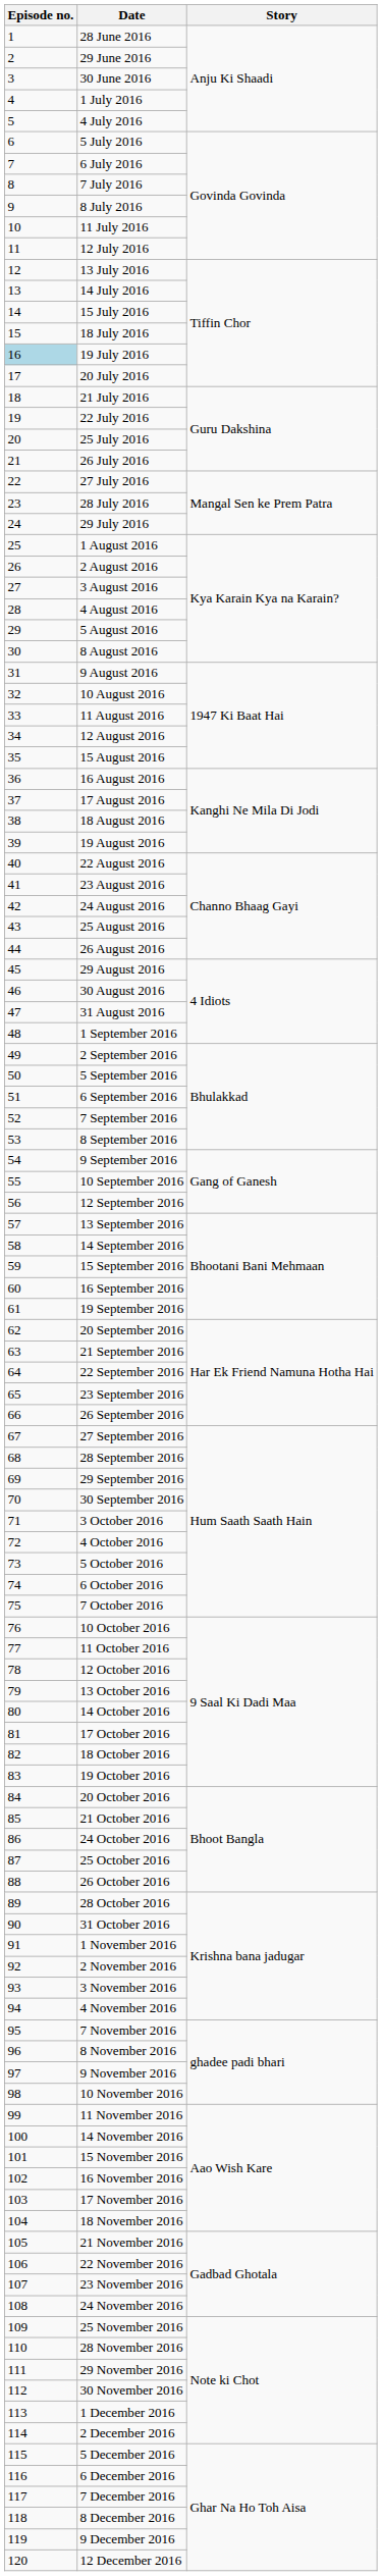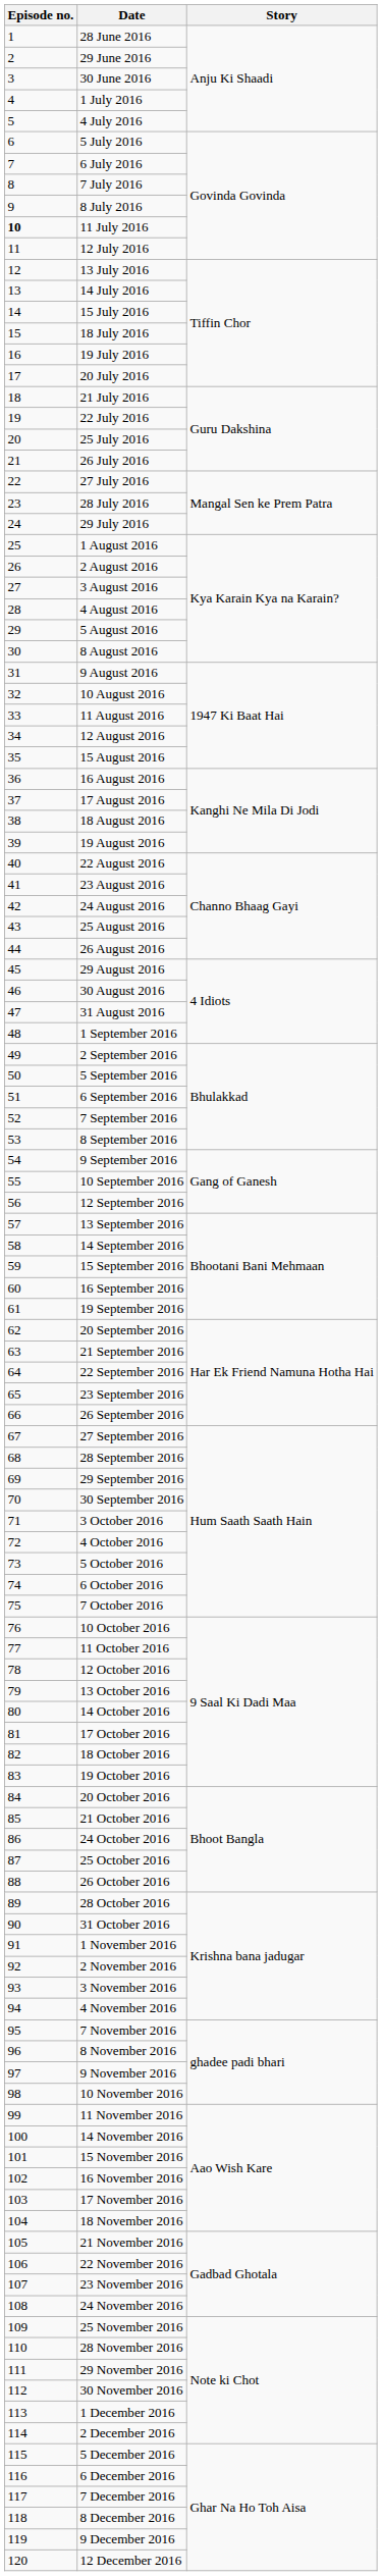 <table class="wikitable">
 <tr>
 <th colspan="1">Episode no.</th>
 <th colspan="1">Date</th>
 <th colspan="1">Story</th>
 </tr>
 <tr>
 <td>1</td>
 <td>28 June 2016</td>
 <td rowspan="5">Anju Ki Shaadi</td>
 </tr>
 <tr>
 <td>2</td>
 <td>29 June 2016</td>
 </tr>
 <tr>
 <td>3</td>
 <td>30 June 2016</td>
 </tr>
 <tr>
 <td>4</td>
 <td>1 July 2016</td>
 </tr>
 <tr>
 <td>5</td>
 <td>4 July 2016</td>
 </tr>
 <tr>
 <td>6</td>
 <td>5 July 2016</td>
 <td rowspan="6">Govinda Govinda</td>
 </tr>
 <tr>
 <td>7</td>
 <td>6 July 2016</td>
 </tr>
 <tr>
 <td>8</td>
 <td>7 July 2016</td>
 </tr>
 <tr>
 <td>9</td>
 <td>8 July 2016</td>
 </tr>
 <tr>
-<td>10</td>
+<td><strong>10</strong></td>
 <td>11 July 2016</td>
 </tr>
 <tr>
 <td>11</td>
 <td>12 July 2016</td>
 </tr>
 <tr>
 <td>12</td>
 <td>13 July 2016</td>
 <td rowspan="6">Tiffin Chor</td>
 </tr>
 <tr>
 <td>13</td>
 <td>14 July 2016</td>
 </tr>
 <tr>
 <td>14</td>
 <td>15 July 2016</td>
 </tr>
 <tr>
 <td>15</td>
 <td>18 July 2016</td>
 </tr>
 <tr>
-<td style="background: lightblue;">16</td>
+<td>16</td>
 <td>19 July 2016</td>
 </tr>
 <tr>
 <td>17</td>
 <td>20 July 2016</td>
 </tr>
 <tr>
 <td>18</td>
 <td>21 July 2016</td>
 <td rowspan="4">Guru Dakshina</td>
 </tr>
 <tr>
 <td>19</td>
 <td>22 July 2016</td>
 </tr>
 <tr>
 <td>20</td>
 <td>25 July 2016</td>
 </tr>
 <tr>
 <td>21</td>
 <td>26 July 2016</td>
 </tr>
 <tr>
 <td>22</td>
 <td>27 July 2016</td>
 <td rowspan="3">Mangal Sen ke Prem Patra</td>
 </tr>
 <tr>
 <td>23</td>
 <td>28 July 2016</td>
 </tr>
 <tr>
 <td>24</td>
 <td>29 July 2016</td>
 </tr>
 <tr>
 <td>25</td>
 <td>1 August 2016</td>
 <td rowspan="6">Kya Karain Kya na Karain?</td>
 </tr>
 <tr>
 <td>26</td>
 <td>2 August 2016</td>
 </tr>
 <tr>
 <td>27</td>
 <td>3 August 2016</td>
 </tr>
 <tr>
 <td>28</td>
 <td>4 August 2016</td>
 </tr>
 <tr>
 <td>29</td>
 <td>5 August 2016</td>
 </tr>
 <tr>
 <td>30</td>
 <td>8 August 2016</td>
 </tr>
 <tr>
 <td>31</td>
 <td>9 August 2016</td>
 <td rowspan="5">1947 Ki Baat Hai</td>
 </tr>
 <tr>
 <td>32</td>
 <td>10 August 2016</td>
 </tr>
 <tr>
 <td>33</td>
 <td>11 August 2016</td>
 </tr>
 <tr>
 <td>34</td>
 <td>12 August 2016</td>
 </tr>
 <tr>
 <td>35</td>
 <td>15 August 2016</td>
 </tr>
 <tr>
 <td>36</td>
 <td>16 August 2016</td>
 <td rowspan="4">Kanghi Ne Mila Di Jodi</td>
 </tr>
 <tr>
 <td>37</td>
 <td>17 August 2016</td>
 </tr>
 <tr>
 <td>38</td>
 <td>18 August 2016</td>
 </tr>
 <tr>
 <td>39</td>
 <td>19 August 2016</td>
 </tr>
 <tr>
 <td>40</td>
 <td>22 August 2016</td>
 <td rowspan="5">Channo Bhaag Gayi</td>
 </tr>
 <tr>
 <td>41</td>
 <td>23 August 2016</td>
 </tr>
 <tr>
 <td>42</td>
 <td>24 August 2016</td>
 </tr>
 <tr>
 <td>43</td>
 <td>25 August 2016</td>
 </tr>
 <tr>
 <td>44</td>
 <td>26 August 2016</td>
 </tr>
 <tr>
 <td>45</td>
 <td>29 August 2016</td>
 <td rowspan="4">4 Idiots</td>
 </tr>
 <tr>
 <td>46</td>
 <td>30 August 2016</td>
 </tr>
 <tr>
 <td>47</td>
 <td>31 August 2016</td>
 </tr>
 <tr>
 <td>48</td>
 <td>1 September 2016</td>
 </tr>
 <tr>
 <td>49</td>
 <td>2 September 2016</td>
 <td rowspan="5">Bhulakkad</td>
 </tr>
 <tr>
 <td>50</td>
 <td>5 September 2016</td>
 </tr>
 <tr>
 <td>51</td>
 <td>6 September 2016</td>
 </tr>
 <tr>
 <td>52</td>
 <td>7 September 2016</td>
 </tr>
 <tr>
 <td>53</td>
 <td>8 September 2016</td>
 </tr>
 <tr>
 <td>54</td>
 <td>9 September 2016</td>
 <td rowspan="3">Gang of Ganesh</td>
 </tr>
 <tr>
 <td>55</td>
 <td>10 September 2016</td>
 </tr>
 <tr>
 <td>56</td>
 <td>12 September 2016</td>
 </tr>
 <tr>
 <td>57</td>
 <td>13 September 2016</td>
 <td rowspan="5">Bhootani Bani Mehmaan</td>
 </tr>
 <tr>
 <td>58</td>
 <td>14 September 2016</td>
 </tr>
 <tr>
 <td>59</td>
 <td>15 September 2016</td>
 </tr>
 <tr>
 <td>60</td>
 <td>16 September 2016</td>
 </tr>
 <tr>
 <td>61</td>
 <td>19 September 2016</td>
 </tr>
 <tr>
 <td>62</td>
 <td>20 September 2016</td>
 <td rowspan="5">Har Ek Friend Namuna Hotha Hai</td>
 </tr>
 <tr>
 <td>63</td>
 <td>21 September 2016</td>
 </tr>
 <tr>
 <td>64</td>
 <td>22 September 2016</td>
 </tr>
 <tr>
 <td>65</td>
 <td>23 September 2016</td>
 </tr>
 <tr>
 <td>66</td>
 <td>26 September 2016</td>
 </tr>
 <tr>
 <td>67</td>
 <td>27 September 2016</td>
 <td rowspan="9">Hum Saath Saath Hain</td>
 </tr>
 <tr>
 <td>68</td>
 <td>28 September 2016</td>
 </tr>
 <tr>
 <td>69</td>
 <td>29 September 2016</td>
 </tr>
 <tr>
 <td>70</td>
 <td>30 September 2016</td>
 </tr>
 <tr>
 <td>71</td>
 <td>3 October 2016</td>
 </tr>
 <tr>
 <td>72</td>
 <td>4 October 2016</td>
 </tr>
 <tr>
 <td>73</td>
 <td>5 October 2016</td>
 </tr>
 <tr>
 <td>74</td>
 <td>6 October 2016</td>
 </tr>
 <tr>
 <td>75</td>
 <td>7 October 2016</td>
 </tr>
 <tr>
 <td>76</td>
 <td>10 October 2016</td>
 <td rowspan="8">9 Saal Ki Dadi Maa</td>
 </tr>
 <tr>
 <td>77</td>
 <td>11 October 2016</td>
 </tr>
 <tr>
 <td>78</td>
 <td>12 October 2016</td>
 </tr>
 <tr>
 <td>79</td>
 <td>13 October 2016</td>
 </tr>
 <tr>
 <td>80</td>
 <td>14 October 2016</td>
 </tr>
 <tr>
 <td>81</td>
 <td>17 October 2016</td>
 </tr>
 <tr>
 <td>82</td>
 <td>18 October 2016</td>
 </tr>
 <tr>
 <td>83</td>
 <td>19 October 2016</td>
 </tr>
 <tr>
 <td>84</td>
 <td>20 October 2016</td>
 <td rowspan="5">Bhoot Bangla</td>
 </tr>
 <tr>
 <td>85</td>
 <td>21 October 2016</td>
 </tr>
 <tr>
 <td>86</td>
 <td>24 October 2016</td>
 </tr>
 <tr>
 <td>87</td>
 <td>25 October 2016</td>
 </tr>
 <tr>
 <td>88</td>
 <td>26 October 2016</td>
 </tr>
 <tr>
 <td>89</td>
 <td>28 October 2016</td>
 <td rowspan="6">Krishna bana jadugar</td>
 </tr>
 <tr>
 <td>90</td>
 <td>31 October 2016</td>
 </tr>
 <tr>
 <td>91</td>
 <td>1 November 2016</td>
 </tr>
 <tr>
 <td>92</td>
 <td>2 November 2016</td>
 </tr>
 <tr>
 <td>93</td>
 <td>3 November 2016</td>
 </tr>
 <tr>
 <td>94</td>
 <td>4 November 2016</td>
 </tr>
 <tr>
 <td>95</td>
 <td>7 November 2016</td>
 <td rowspan="4">ghadee padi bhari</td>
 </tr>
 <tr>
 <td>96</td>
 <td>8 November 2016</td>
 </tr>
 <tr>
 <td>97</td>
 <td>9 November 2016</td>
 </tr>
 <tr>
 <td>98</td>
 <td>10 November 2016</td>
 </tr>
 <tr>
 <td>99</td>
 <td>11 November 2016</td>
 <td rowspan="6">Aao Wish Kare</td>
 </tr>
 <tr>
 <td>100</td>
 <td>14 November 2016</td>
 </tr>
 <tr>
 <td>101</td>
 <td>15 November 2016</td>
 </tr>
 <tr>
 <td>102</td>
 <td>16 November 2016</td>
 </tr>
 <tr>
 <td>103</td>
 <td>17 November 2016</td>
 </tr>
 <tr>
 <td>104</td>
 <td>18 November 2016</td>
 </tr>
 <tr>
 <td>105</td>
 <td>21 November 2016</td>
 <td rowspan="4">Gadbad Ghotala</td>
 </tr>
 <tr>
 <td>106</td>
 <td>22 November 2016</td>
 </tr>
 <tr>
 <td>107</td>
 <td>23 November 2016</td>
 </tr>
 <tr>
 <td>108</td>
 <td>24 November 2016</td>
 </tr>
 <tr>
 <td>109</td>
 <td>25 November 2016</td>
 <td rowspan="6">Note ki Chot</td>
 </tr>
 <tr>
 <td>110</td>
 <td>28 November 2016</td>
 </tr>
 <tr>
 <td>111</td>
 <td>29 November 2016</td>
 </tr>
 <tr>
 <td>112</td>
 <td>30 November 2016</td>
 </tr>
 <tr>
 <td>113</td>
 <td>1 December 2016</td>
 </tr>
 <tr>
 <td>114</td>
 <td>2 December 2016</td>
 </tr>
 <tr>
 <td>115</td>
 <td>5 December 2016</td>
 <td rowspan="6">Ghar Na Ho Toh Aisa</td>
 </tr>
 <tr>
 <td>116</td>
 <td>6 December 2016</td>
 </tr>
 <tr>
 <td>117</td>
 <td>7 December 2016</td>
 </tr>
 <tr>
 <td>118</td>
 <td>8 December 2016</td>
 </tr>
 <tr>
 <td>119</td>
 <td>9 December 2016</td>
 </tr>
 <tr>
 <td>120</td>
 <td>12 December 2016</td>
 </tr>
 </table>
